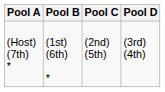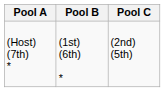 <table class="wikitable">
 <tr>
 <th width=25%>Pool A</th>
 <th width=25%>Pool B</th>
 <th width=25%>Pool C</th>
-<th width=25%>Pool D</th>
 </tr>
 <tr>
 <td><br> (Host)<br>  (7th)<br> <s></s> *<br> <br> </td>
 <td><br> (1st)<br>  (6th)<br> <br> <s></s> *<br> </td>
 <td><br> (2nd)<br>  (5th)<br> <br> <br> </td>
-<td><br> (3rd)<br>  (4th)<br> <br> <br> </td>
 </tr>
 </table>
